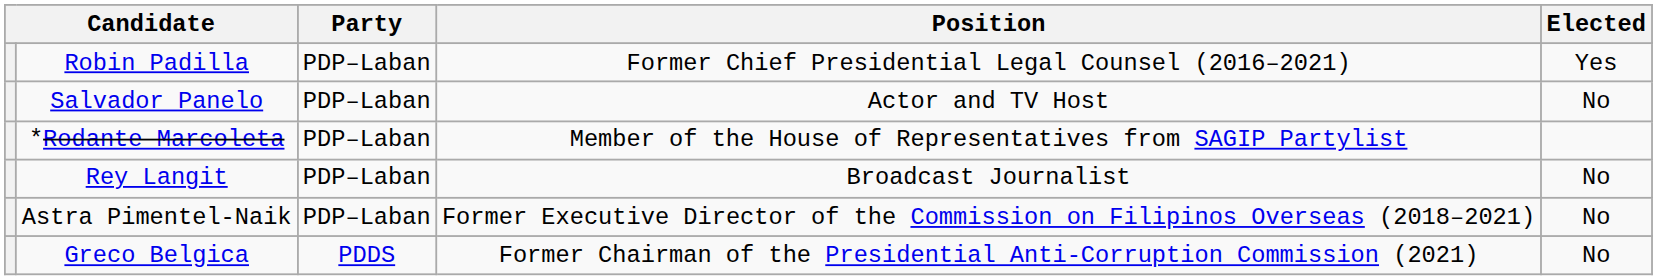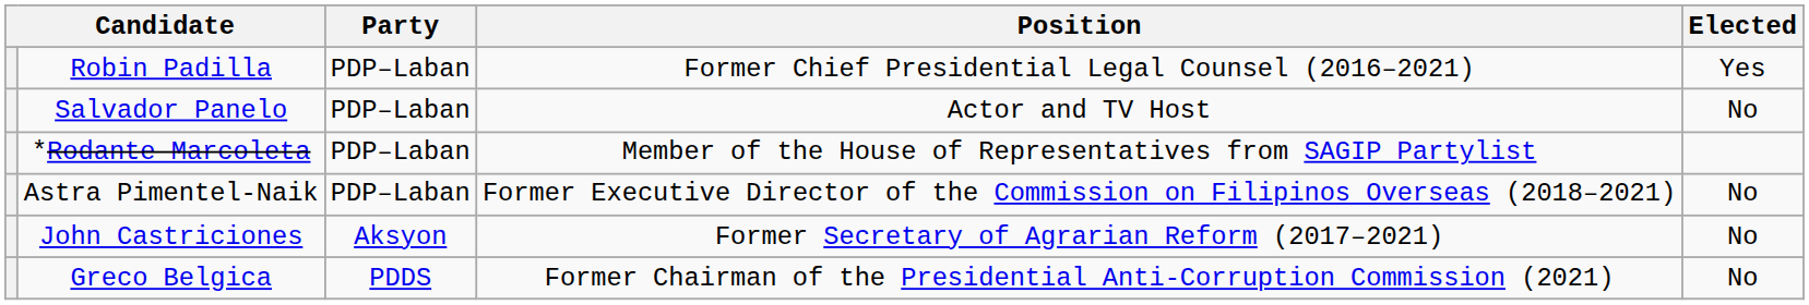 <table class="wikitable sortable" style="text-align:center;font-size:100%;">
 <tr>
 <th colspan="2">Candidate</th>
 <th>Party</th>
 <th>Position</th>
 <th>Elected</th>
 </tr>
 <tr>
 <th style="background:"></th>
 <td><a href='#'>Robin Padilla</a></td>
 <td>PDP–Laban</td>
 <td>Former Chief Presidential Legal Counsel (2016–2021)</td>
 <td>Yes</td>
 </tr>
 <tr>
 <th style="background:"></th>
 <td><a href='#'>Salvador Panelo</a></td>
 <td>PDP–Laban</td>
 <td>Actor and TV Host</td>
 <td>No</td>
 </tr>
 <tr>
 <th style="background:"></th>
 <td>*<s><a href='#'>Rodante Marcoleta</a></s> </td>
 <td>PDP–Laban</td>
 <td>Member of the House of Representatives from <a href='#'>SAGIP Partylist</a></td>
 <td></td>
 </tr>
 <tr>
 <th style="background:"></th>
-<td><a href='#'>Rey Langit</a></td>
+<td>Astra Pimentel-Naik</td>
 <td>PDP–Laban</td>
-<td>Broadcast Journalist</td>
+<td>Former Executive Director of the <a href='#'>Commission on Filipinos Overseas</a> (2018–2021)</td>
 <td>No</td>
 </tr>
 <tr>
 <th style="background:"></th>
-<td>Astra Pimentel-Naik</td>
-<td>PDP–Laban</td>
-<td>Former Executive Director of the <a href='#'>Commission on Filipinos Overseas</a> (2018–2021)</td>
+<td><a href='#'>John Castriciones</a></td>
+<td><a href='#'>Aksyon</a></td>
+<td>Former <a href='#'>Secretary of Agrarian Reform</a> (2017–2021)</td>
 <td>No</td>
 </tr>
 <tr>
 <th style="background:"></th>
 <td><a href='#'>Greco Belgica</a></td>
 <td><a href='#'>PDDS</a></td>
 <td>Former Chairman of the <a href='#'>Presidential Anti-Corruption Commission</a> (2021)</td>
 <td>No</td>
 </tr>
 </table>
